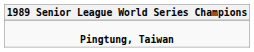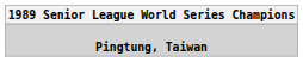 <table class="wikitable" style="text-align: center; margin: 0 auto;">
 <tr>
 <th>1989 Senior League World Series Champions</th>
 </tr>
 <tr>
 </tr>
 <tr>
-<td><br><strong>Pingtung, Taiwan</strong></td>
+<td style="background: lightgrey;"><br><strong>Pingtung, Taiwan</strong></td>
 </tr>
 </table>
